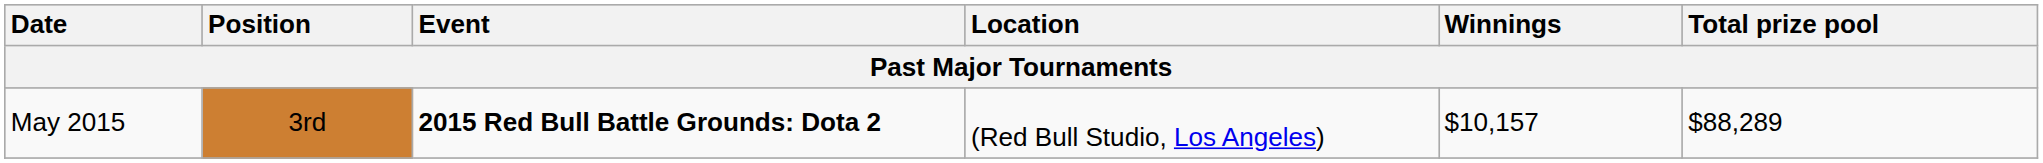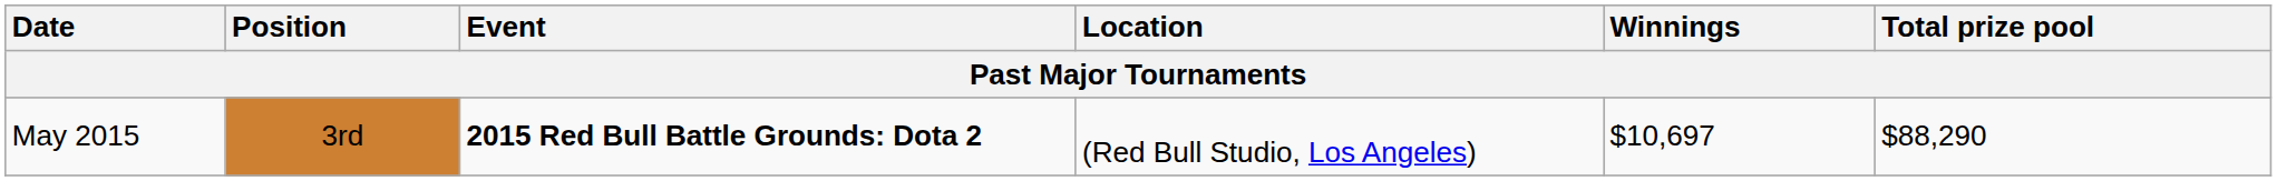 <table class = "wikitable">
 <tr>
 <th style="text-align:left; width:5%;">Date</th>
 <th style="text-align:left; width:5%;">Position</th>
 <th style="text-align:left; width:14%;">Event</th>
 <th style="text-align:left; width:12%;">Location</th>
 <th style="text-align:left; width:6%;">Winnings</th>
 <th style="text-align:left; width:9%;">Total prize pool</th>
 </tr>
 <tr>
 <th style="align: center;" colspan="7"><strong>Past Major Tournaments</strong></th>
 </tr>
 <tr>
 <td>May 2015</td>
 <td style="text-align:center; background:#CD7F32">3rd</td>
 <td><strong>2015 Red Bull Battle Grounds: Dota 2</strong></td>
 <td> <br> (Red Bull Studio, <a href='#'>Los Angeles</a>)</td>
-<td>$10,157</td>
-<td>$88,289</td>
+<td>$10,697</td>
+<td>$88,290</td>
 </tr>
 </table>
